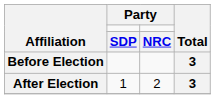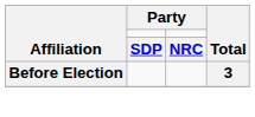 <table class=wikitable style="text-align:center">
 <tr style="vertical-align:bottom;">
 <th rowspan=3>Affiliation</th>
 <th colspan=2>Party</th>
 <th rowspan=3>Total</th>
 </tr>
 <tr>
 <td style="background-color:"></td>
 <td style="background-color:"></td>
 </tr>
 <tr>
 <th><a href='#'>SDP</a></th>
 <th><a href='#'>NRC</a></th>
 </tr>
 <tr>
 <th>Before Election</th>
 <td></td>
 <td></td>
 <th>3</th>
 </tr>
 <tr>
-<th>After Election</th>
-<td>1</td>
-<td>2</td>
-<th>3</th>
-</tr>
-<tr>
 </tr>
 </table>
